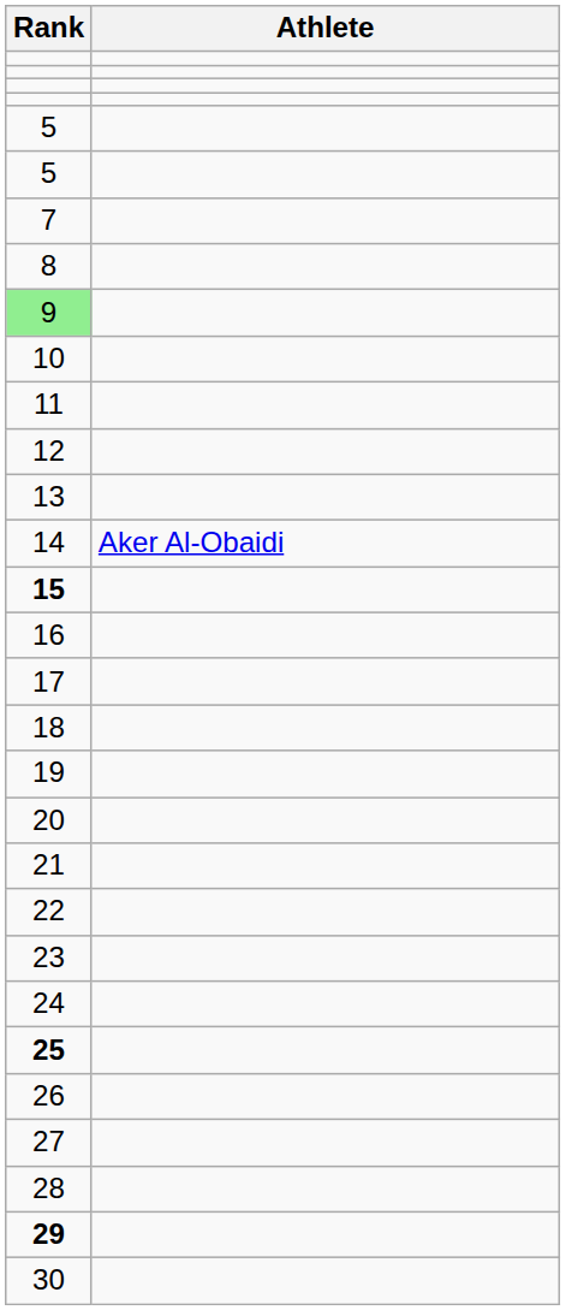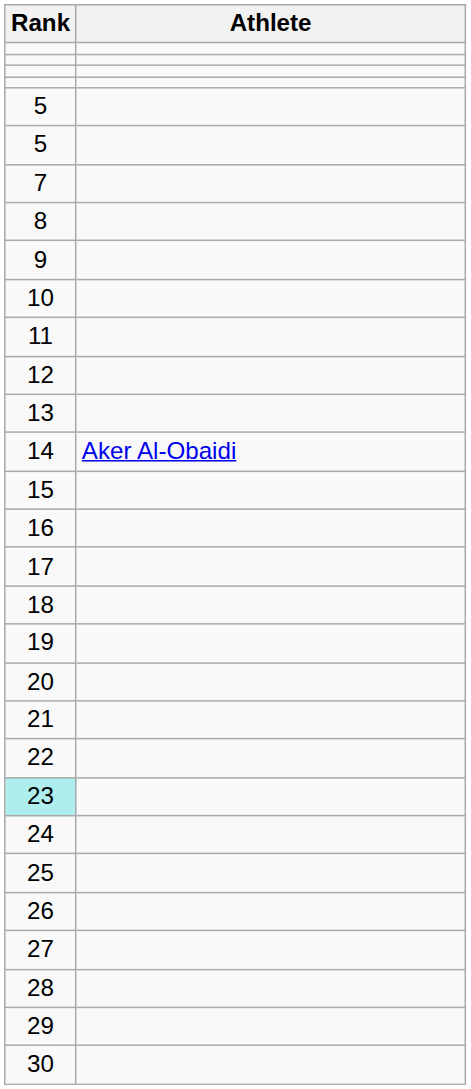 <table class="wikitable" style="text-align: center;">
 <tr>
 <th width=40>Rank</th>
 <th width=250>Athlete</th>
 </tr>
 <tr>
 <td></td>
 <td align="left"></td>
 </tr>
 <tr>
 <td></td>
 <td align="left"></td>
 </tr>
 <tr>
 <td></td>
 <td align="left"></td>
 </tr>
 <tr>
 <td></td>
 <td align="left"></td>
 </tr>
 <tr>
 <td>5</td>
 <td align="left"></td>
 </tr>
 <tr>
 <td>5</td>
 <td align="left"></td>
 </tr>
 <tr>
 <td>7</td>
 <td align="left"></td>
 </tr>
 <tr>
 <td>8</td>
 <td align="left"></td>
 </tr>
 <tr>
-<td style="background: lightgreen;">9</td>
+<td>9</td>
 <td align="left"></td>
 </tr>
 <tr>
 <td>10</td>
 <td align="left"></td>
 </tr>
 <tr>
 <td>11</td>
 <td align="left"></td>
 </tr>
 <tr>
 <td>12</td>
 <td align="left"></td>
 </tr>
 <tr>
 <td>13</td>
 <td align="left"></td>
 </tr>
 <tr>
 <td>14</td>
 <td align="left"> <a href='#'>Aker Al-Obaidi</a> </td>
 </tr>
 <tr>
-<td><strong>15</strong></td>
+<td>15</td>
 <td align="left"></td>
 </tr>
 <tr>
 <td>16</td>
 <td align="left"></td>
 </tr>
 <tr>
 <td>17</td>
 <td align="left"></td>
 </tr>
 <tr>
 <td>18</td>
 <td align="left"></td>
 </tr>
 <tr>
 <td>19</td>
 <td align="left"></td>
 </tr>
 <tr>
 <td>20</td>
 <td align="left"></td>
 </tr>
 <tr>
 <td>21</td>
 <td align="left"></td>
 </tr>
 <tr>
 <td>22</td>
 <td align="left"></td>
 </tr>
 <tr>
-<td>23</td>
+<td style="background: paleturquoise;">23</td>
 <td align="left"></td>
 </tr>
 <tr>
 <td>24</td>
 <td align="left"></td>
 </tr>
 <tr>
-<td><strong>25</strong></td>
+<td>25</td>
 <td align="left"></td>
 </tr>
 <tr>
 <td>26</td>
 <td align="left"></td>
 </tr>
 <tr>
 <td>27</td>
 <td align="left"></td>
 </tr>
 <tr>
 <td>28</td>
 <td align="left"></td>
 </tr>
 <tr>
-<td><strong>29</strong></td>
+<td>29</td>
 <td align="left"></td>
 </tr>
 <tr>
 <td>30</td>
 <td align="left"></td>
 </tr>
 </table>
